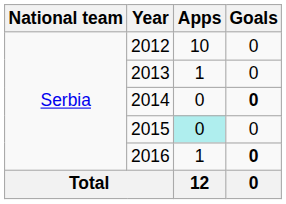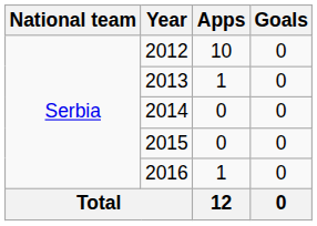 <table class="wikitable" style="text-align:center">
 <tr>
 <th>National team</th>
 <th>Year</th>
 <th>Apps</th>
 <th>Goals</th>
 </tr>
 <tr>
 <td rowspan="5"><a href='#'>Serbia</a></td>
 <td>2012</td>
 <td>10</td>
 <td>0</td>
 </tr>
 <tr>
 <td>2013</td>
 <td>1</td>
 <td>0</td>
 </tr>
 <tr>
 <td>2014</td>
 <td>0</td>
-<td><strong>0</strong></td>
+<td>0</td>
 </tr>
 <tr>
 <td>2015</td>
-<td style="background: paleturquoise;">0</td>
+<td>0</td>
 <td>0</td>
 </tr>
 <tr>
 <td>2016</td>
 <td>1</td>
-<td><strong>0</strong></td>
+<td>0</td>
 </tr>
 <tr>
 <th colspan="2">Total</th>
 <th>12</th>
 <th>0</th>
 </tr>
 </table>
